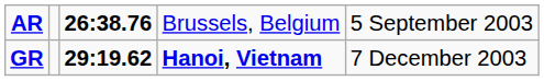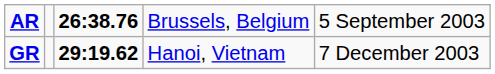 <table class="wikitable" style="font-size:95%; position:relative;">
 <tr>
 <td align=center><strong><a href='#'>AR</a></strong></td>
 <td></td>
 <td><strong>26:38.76</strong></td>
 <td><a href='#'>Brussels</a>, <a href='#'>Belgium</a></td>
 <td>5 September 2003</td>
 </tr>
 <tr>
 <td align=center><strong><a href='#'>GR</a></strong></td>
 <td></td>
 <td><strong>29:19.62</strong></td>
-<td><strong><a href='#'>Hanoi</a>, <a href='#'>Vietnam</a></strong></td>
+<td><a href='#'>Hanoi</a>, <a href='#'>Vietnam</a></td>
 <td>7 December 2003</td>
 </tr>
 </table>
